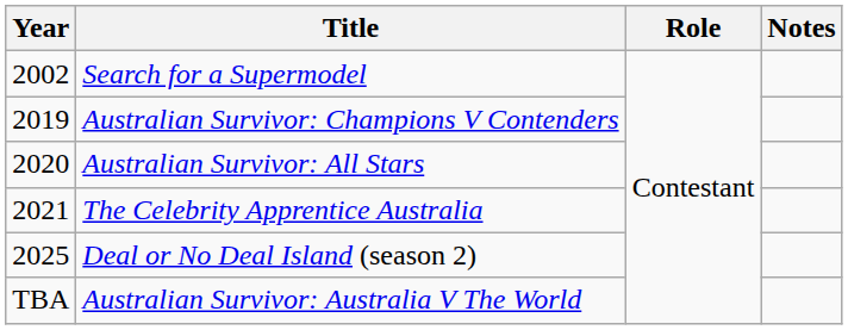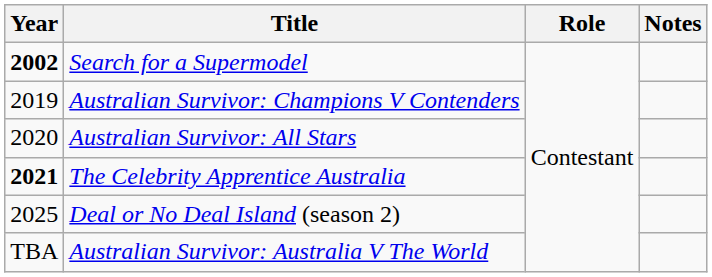 <table class="wikitable sortable">
 <tr>
 <th>Year</th>
 <th>Title</th>
 <th>Role</th>
 <th class="unsortable">Notes</th>
 </tr>
 <tr>
-<td>2002</td>
+<td><strong>2002</strong></td>
 <td><em><a href='#'>Search for a Supermodel</a></em></td>
 <td rowspan="6">Contestant</td>
 <td></td>
 </tr>
 <tr>
 <td>2019</td>
 <td><em><a href='#'>Australian Survivor: Champions V Contenders</a></em></td>
 <td></td>
 </tr>
 <tr>
 <td>2020</td>
 <td><em><a href='#'>Australian Survivor: All Stars</a></em></td>
 <td></td>
 </tr>
 <tr>
-<td>2021</td>
+<td><strong>2021</strong></td>
 <td><em><a href='#'>The Celebrity Apprentice Australia</a></em></td>
 <td></td>
 </tr>
 <tr>
 <td>2025</td>
 <td><em><a href='#'>Deal or No Deal Island</a></em> (season 2)</td>
 <td></td>
 </tr>
 <tr>
 <td>TBA</td>
 <td><em><a href='#'>Australian Survivor: Australia V The World</a></em></td>
 <td></td>
 </tr>
 </table>
